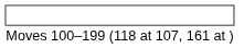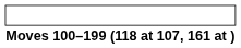 <table style="display:inline; display:inline-table;">
 <tr>
 <td style="border: solid thin; padding: 2px;"><br></td>
 </tr>
 <tr>
-<td style="text-align:center">Moves 100–199 (118 at 107, 161 at )</td>
+<td style="text-align:center"><strong>Moves 100–199 (118 at 107, 161 at )</strong></td>
 </tr>
 </table>
